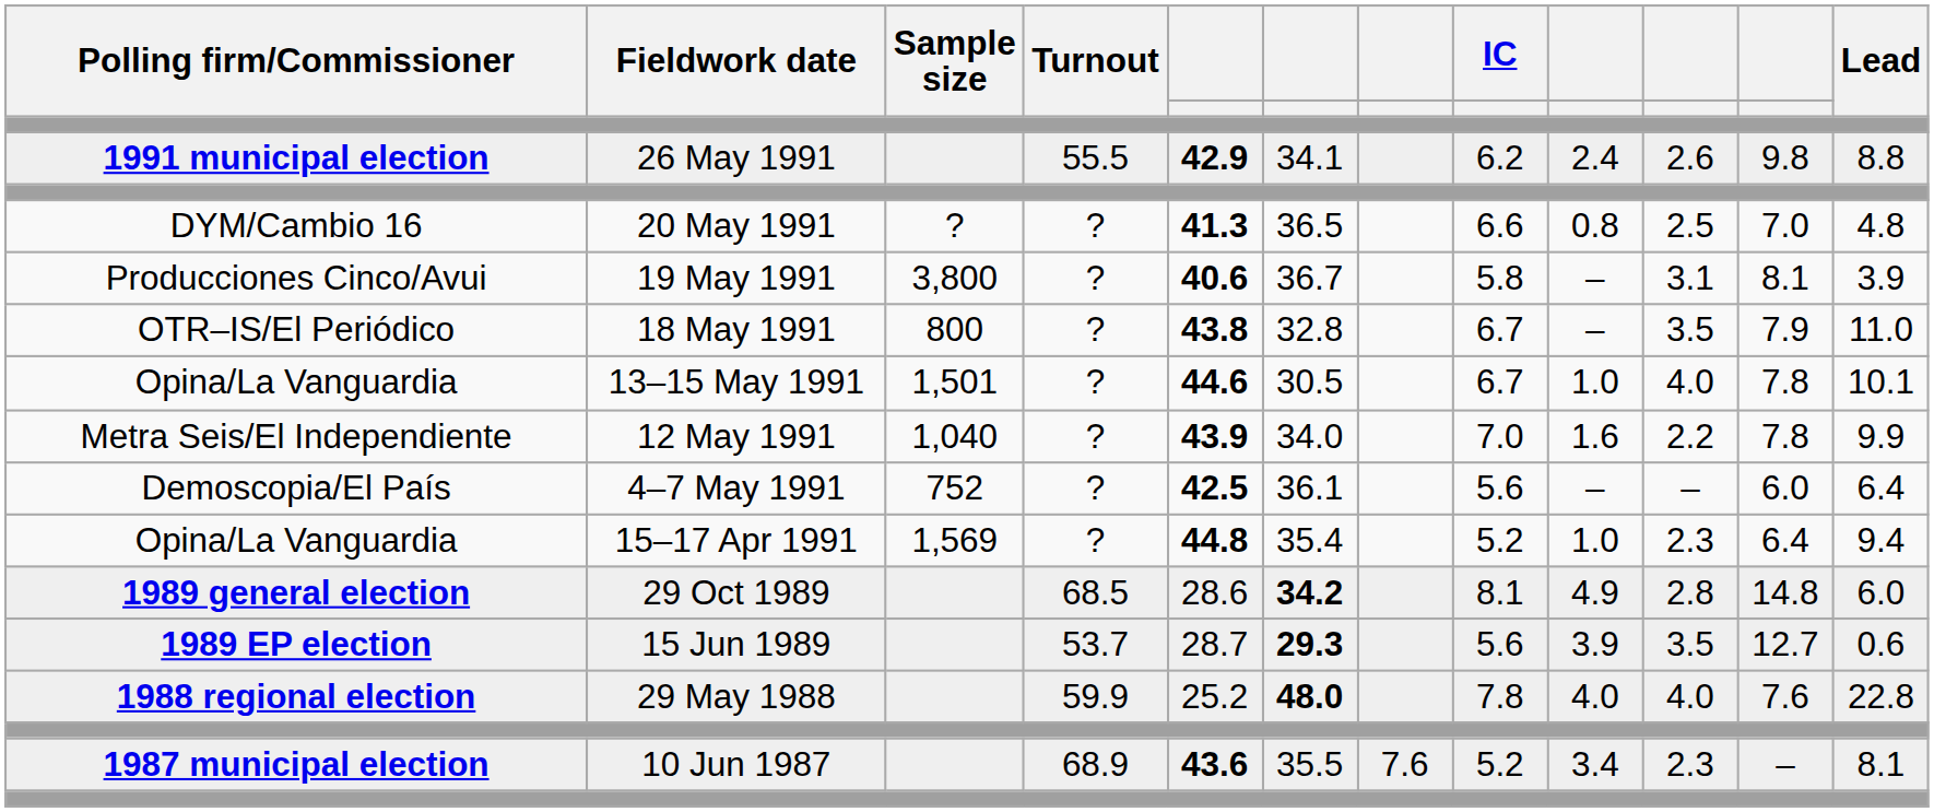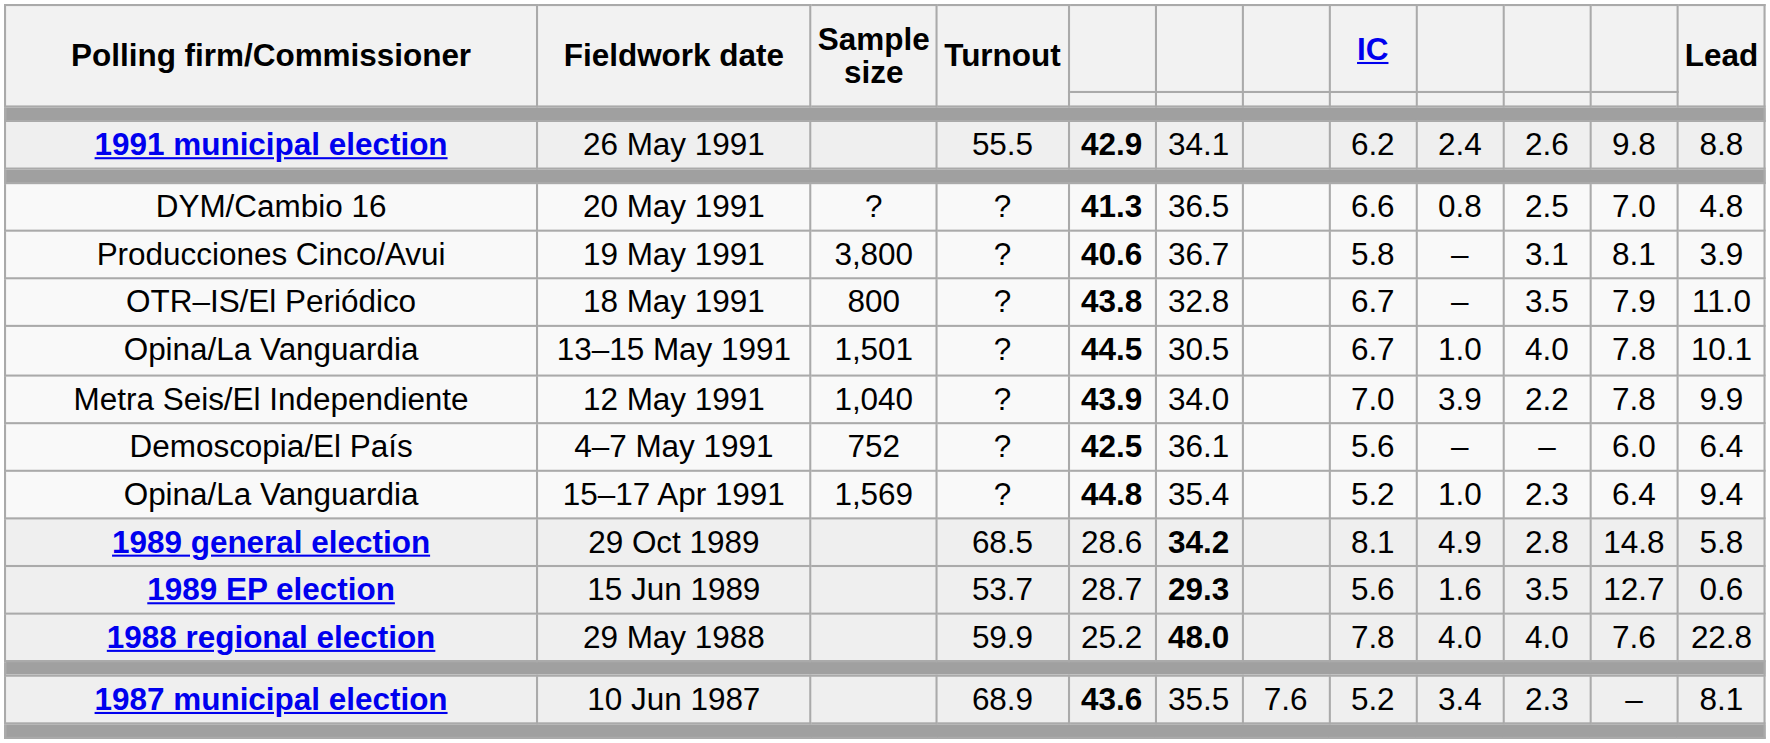 <table class="wikitable collapsible collapsed" style="text-align:center; font-size:95%; line-height:16px;">
 <tr style="height:42px;">
 <th style="width:250px;" rowspan="2">Polling firm/Commissioner</th>
 <th style="width:125px;" rowspan="2">Fieldwork date</th>
 <th style="width:50px;" rowspan="2">Sample size</th>
 <th style="width:45px;" rowspan="2">Turnout</th>
 <th style="width:35px;"></th>
 <th style="width:35px;"></th>
 <th style="width:35px;"></th>
 <th style="width:35px;"><a href='#'>IC</a></th>
 <th style="width:35px;"></th>
 <th style="width:35px;"></th>
 <th style="width:35px;"></th>
 <th style="width:30px;" rowspan="2">Lead</th>
 </tr>
 <tr>
 <th style="color:inherit;background:"></th>
 <th style="color:inherit;background:"></th>
 <th style="color:inherit;background:"></th>
 <th style="color:inherit;background:"></th>
 <th style="color:inherit;background:"></th>
 <th style="color:inherit;background:"></th>
 <th style="color:inherit;background:"></th>
 </tr>
 <tr>
 <td colspan="12" style="background:#A0A0A0"></td>
 </tr>
 <tr style="background:#EFEFEF;">
 <td><strong><a href='#'>1991 municipal election</a></strong></td>
 <td>26 May 1991</td>
 <td></td>
 <td>55.5</td>
 <td><strong>42.9</strong><br></td>
 <td>34.1<br></td>
 <td></td>
 <td>6.2<br></td>
 <td>2.4<br></td>
 <td>2.6<br></td>
 <td>9.8<br></td>
 <td style="background:">8.8</td>
 </tr>
 <tr>
 <td colspan="12" style="background:#A0A0A0"></td>
 </tr>
 <tr>
 <td>DYM/Cambio 16</td>
 <td>20 May 1991</td>
 <td>?</td>
 <td>?</td>
 <td><strong>41.3</strong><br></td>
 <td>36.5<br></td>
 <td></td>
 <td>6.6<br></td>
 <td>0.8<br></td>
 <td>2.5<br></td>
 <td>7.0<br></td>
 <td style="background:">4.8</td>
 </tr>
 <tr>
 <td>Producciones Cinco/Avui</td>
 <td>19 May 1991</td>
 <td>3,800</td>
 <td>?</td>
 <td><strong>40.6</strong><br></td>
 <td>36.7<br></td>
 <td></td>
 <td>5.8<br></td>
 <td>–</td>
 <td>3.1<br></td>
 <td>8.1<br></td>
 <td style="background:">3.9</td>
 </tr>
 <tr>
 <td>OTR–IS/El Periódico</td>
 <td>18 May 1991</td>
 <td>800</td>
 <td>?</td>
 <td><strong>43.8</strong><br></td>
 <td>32.8<br></td>
 <td></td>
 <td>6.7<br></td>
 <td>–</td>
 <td>3.5<br></td>
 <td>7.9<br></td>
 <td style="background:">11.0</td>
 </tr>
 <tr>
 <td>Opina/La Vanguardia</td>
 <td>13–15 May 1991</td>
 <td>1,501</td>
 <td>?</td>
-<td><strong>44.6</strong><br></td>
+<td><strong>44.5</strong><br></td>
 <td>30.5<br></td>
 <td></td>
 <td>6.7<br></td>
 <td>1.0<br></td>
 <td>4.0<br></td>
 <td>7.8<br></td>
 <td style="background:">10.1</td>
 </tr>
 <tr>
 <td>Metra Seis/El Independiente</td>
 <td>12 May 1991</td>
 <td>1,040</td>
 <td>?</td>
 <td><strong>43.9</strong><br></td>
 <td>34.0<br></td>
 <td></td>
 <td>7.0<br></td>
-<td>1.6<br></td>
+<td>3.9<br></td>
 <td>2.2<br></td>
 <td>7.8<br></td>
 <td style="background:">9.9</td>
 </tr>
 <tr>
 <td>Demoscopia/El País</td>
 <td>4–7 May 1991</td>
 <td>752</td>
 <td>?</td>
 <td><strong>42.5</strong><br></td>
 <td>36.1<br></td>
 <td></td>
 <td>5.6<br></td>
 <td>–</td>
 <td>–</td>
 <td>6.0<br></td>
 <td style="background:">6.4</td>
 </tr>
 <tr>
 <td>Opina/La Vanguardia</td>
 <td>15–17 Apr 1991</td>
 <td>1,569</td>
 <td>?</td>
 <td><strong>44.8</strong><br></td>
 <td>35.4<br></td>
 <td></td>
 <td>5.2<br></td>
 <td>1.0<br></td>
 <td>2.3<br></td>
 <td>6.4<br></td>
 <td style="background:">9.4</td>
 </tr>
 <tr style="background:#EFEFEF;">
 <td><strong><a href='#'>1989 general election</a></strong></td>
 <td>29 Oct 1989</td>
 <td></td>
 <td>68.5</td>
 <td>28.6<br></td>
 <td><strong>34.2</strong><br></td>
 <td></td>
 <td>8.1<br></td>
 <td>4.9<br></td>
 <td>2.8<br></td>
 <td>14.8<br></td>
-<td style="background:">6.0</td>
+<td style="background:">5.8</td>
 </tr>
 <tr style="background:#EFEFEF;">
 <td><strong><a href='#'>1989 EP election</a></strong></td>
 <td>15 Jun 1989</td>
 <td></td>
 <td>53.7</td>
 <td>28.7<br></td>
 <td><strong>29.3</strong><br></td>
 <td></td>
 <td>5.6<br></td>
-<td>3.9<br></td>
+<td>1.6<br></td>
 <td>3.5<br></td>
 <td>12.7<br></td>
 <td style="background:">0.6</td>
 </tr>
 <tr style="background:#EFEFEF;">
 <td><strong><a href='#'>1988 regional election</a></strong></td>
 <td>29 May 1988</td>
 <td></td>
 <td>59.9</td>
 <td>25.2<br></td>
 <td><strong>48.0</strong><br></td>
 <td></td>
 <td>7.8<br></td>
 <td>4.0<br></td>
 <td>4.0<br></td>
 <td>7.6<br></td>
 <td style="background:">22.8</td>
 </tr>
 <tr>
 <td colspan="12" style="background:#A0A0A0"></td>
 </tr>
 <tr style="background:#EFEFEF;">
 <td><strong><a href='#'>1987 municipal election</a></strong></td>
 <td>10 Jun 1987</td>
 <td></td>
 <td>68.9</td>
 <td><strong>43.6</strong><br></td>
 <td>35.5<br></td>
 <td>7.6<br></td>
 <td>5.2<br></td>
 <td>3.4<br></td>
 <td>2.3<br></td>
 <td>–</td>
 <td style="background:">8.1</td>
 </tr>
 <tr>
 <td colspan="12" style="background:#A0A0A0"></td>
 </tr>
 </table>
